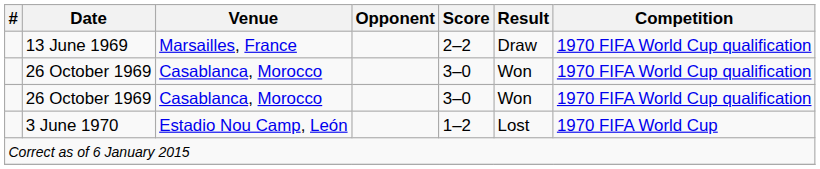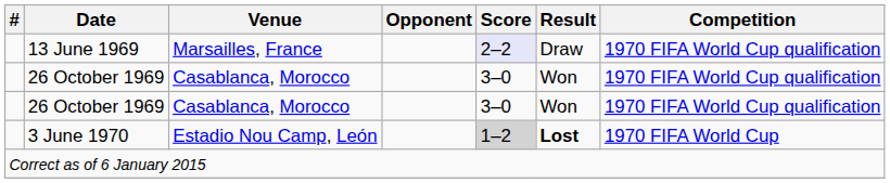 <table class="wikitable" style="font-size:95%;">
 <tr>
 <th>#</th>
 <th>Date</th>
 <th>Venue</th>
 <th>Opponent</th>
 <th>Score</th>
 <th>Result</th>
 <th>Competition</th>
 </tr>
 <tr>
 <td></td>
 <td>13 June 1969</td>
 <td><a href='#'>Marsailles</a>, <a href='#'>France</a></td>
 <td></td>
-<td>2–2</td>
+<td style="background: lavender;">2–2</td>
 <td>Draw</td>
 <td><a href='#'>1970 FIFA World Cup qualification</a></td>
 </tr>
 <tr>
 <td></td>
 <td>26 October 1969</td>
 <td><a href='#'>Casablanca</a>, <a href='#'>Morocco</a></td>
 <td></td>
 <td>3–0</td>
 <td>Won</td>
 <td><a href='#'>1970 FIFA World Cup qualification</a></td>
 </tr>
 <tr>
 <td></td>
 <td>26 October 1969</td>
 <td><a href='#'>Casablanca</a>, <a href='#'>Morocco</a></td>
 <td></td>
 <td>3–0</td>
 <td>Won</td>
 <td><a href='#'>1970 FIFA World Cup qualification</a></td>
 </tr>
 <tr>
 <td></td>
 <td>3 June 1970</td>
 <td><a href='#'>Estadio Nou Camp</a>, <a href='#'>León</a></td>
 <td></td>
-<td>1–2</td>
-<td>Lost</td>
+<td style="background: lightgrey;">1–2</td>
+<td><strong>Lost</strong></td>
 <td><a href='#'>1970 FIFA World Cup</a></td>
 </tr>
 <tr>
 <td colspan="12"><small><em>Correct as of 6 January 2015</em></small></td>
 </tr>
 <tr>
 </tr>
 </table>
